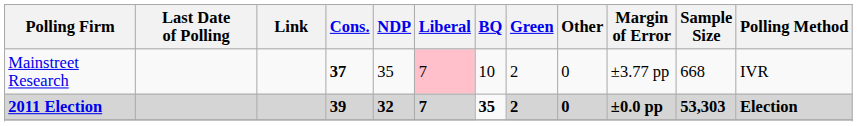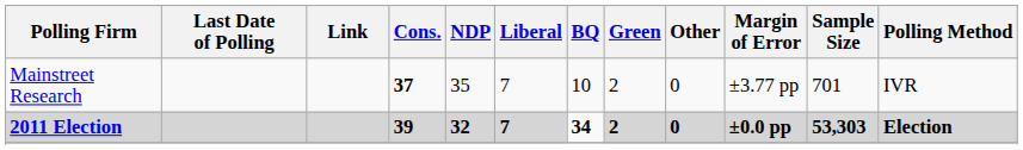 <table class="wikitable sortable">
 <tr style="background:#e9e9e9;">
 <th style="width:120px">Polling Firm</th>
 <th style="width:110px">Last Date<br>of Polling</th>
 <th style="width:60px" class="unsortable">Link</th>
 <th style="background-color:"><strong><a href='#'>Cons.</a></strong></th>
 <th style="background-color:"><strong><a href='#'>NDP</a></strong></th>
 <th style="background-color:"><strong><a href='#'>Liberal</a></strong></th>
 <th style="background-color:"><strong><a href='#'>BQ</a></strong></th>
 <th style="background-color:"><strong><a href='#'>Green</a></strong></th>
 <th style="background-color:"><strong>Other</strong></th>
 <th style="width:60px;" class=unsortable>Margin<br>of Error</th>
 <th style="width:50px;" class=unsortable>Sample<br>Size</th>
 <th class=unsortable>Polling Method</th>
 </tr>
 <tr>
 <td><a href='#'>Mainstreet Research</a></td>
 <td></td>
 <td></td>
 <td><strong>37</strong></td>
 <td>35</td>
-<td style="background: pink;">7</td>
+<td>7</td>
 <td>10</td>
 <td>2</td>
 <td>0</td>
 <td>±3.77 pp</td>
-<td>668</td>
+<td>701</td>
 <td>IVR</td>
 </tr>
 <tr>
 <td style="background:#D5D5D5"><strong><a href='#'>2011 Election</a></strong></td>
 <td style="background:#D5D5D5"><strong></strong></td>
 <td style="background:#D5D5D5"></td>
 <td style="background:#D5D5D5"><strong>39</strong></td>
 <td style="background:#D5D5D5"><strong>32</strong></td>
 <td style="background:#D5D5D5"><strong>7</strong></td>
-<td><strong>35</strong></td>
+<td><strong>34</strong></td>
 <td style="background:#D5D5D5"><strong>2</strong></td>
 <td style="background:#D5D5D5"><strong>0</strong></td>
 <td style="background:#D5D5D5"><strong>±0.0 pp</strong></td>
 <td style="background:#D5D5D5"><strong>53,303</strong></td>
 <td style="background:#D5D5D5"><strong>Election</strong></td>
 </tr>
 <tr>
 </tr>
 <tr>
 </tr>
 </table>
